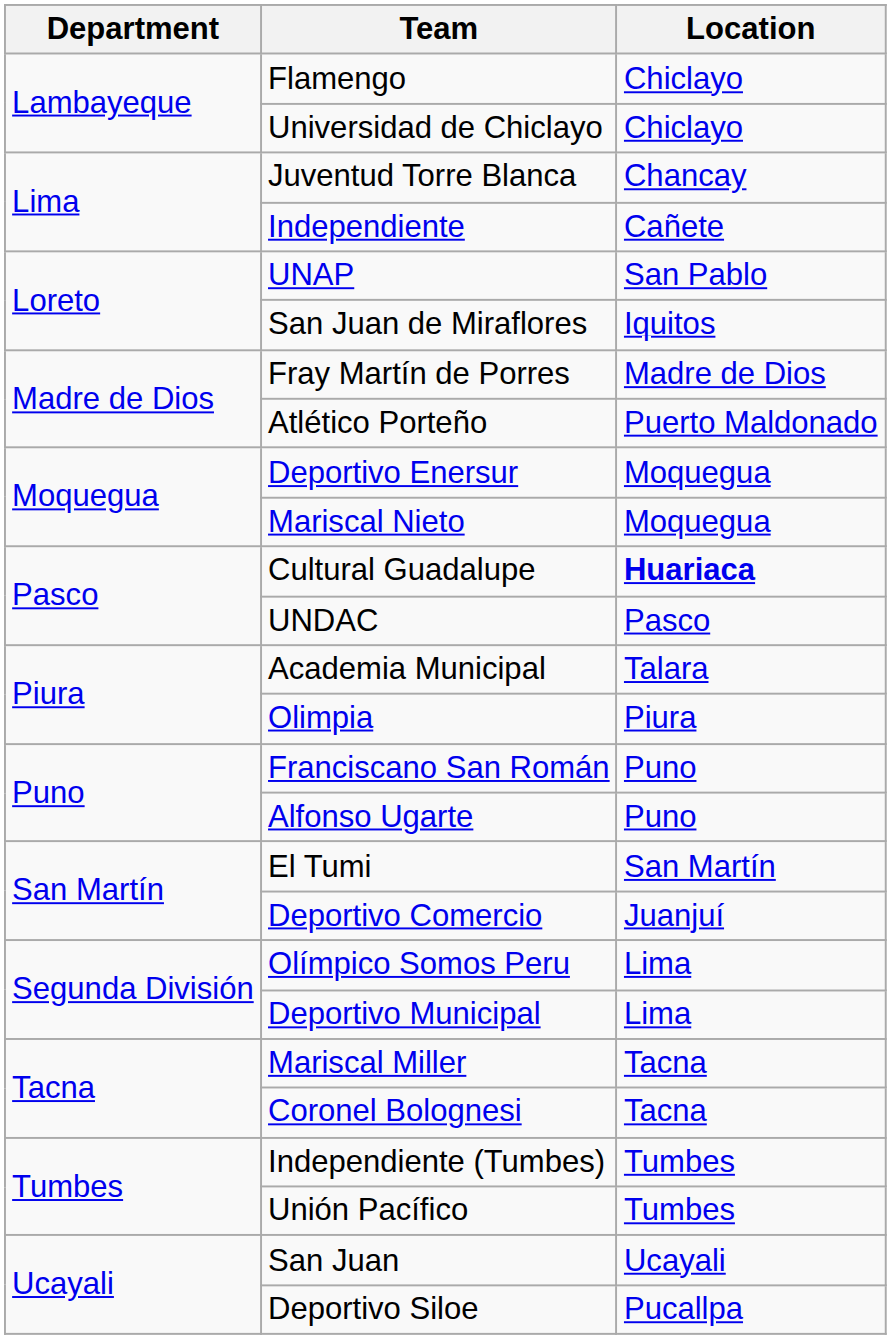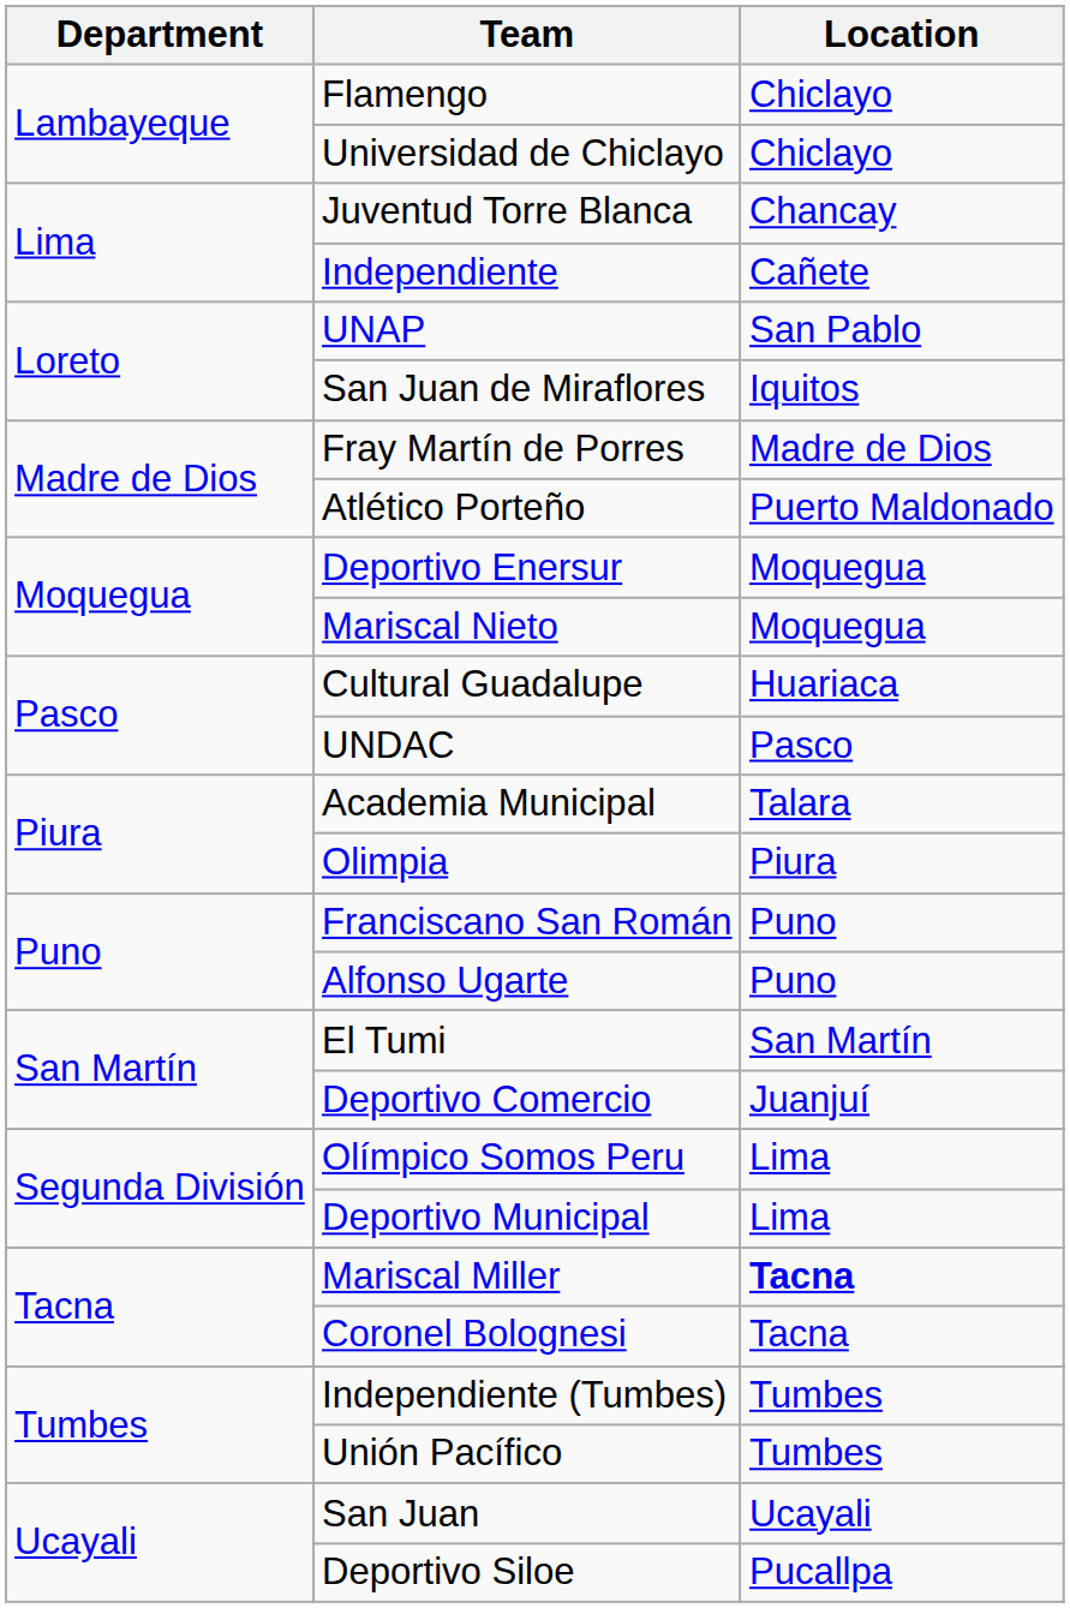 <table class="wikitable">
 <tr>
 <th>Department</th>
 <th>Team</th>
 <th>Location</th>
 </tr>
 <tr>
 <td rowspan="2"><a href='#'>Lambayeque</a></td>
 <td>Flamengo</td>
 <td><a href='#'>Chiclayo</a></td>
 </tr>
 <tr>
 <td>Universidad de Chiclayo</td>
 <td><a href='#'>Chiclayo</a></td>
 </tr>
 <tr>
 <td rowspan="2"><a href='#'>Lima</a></td>
 <td>Juventud Torre Blanca</td>
 <td><a href='#'>Chancay</a></td>
 </tr>
 <tr>
 <td><a href='#'>Independiente</a></td>
 <td><a href='#'>Cañete</a></td>
 </tr>
 <tr>
 <td rowspan="2"><a href='#'>Loreto</a></td>
 <td><a href='#'>UNAP</a></td>
 <td><a href='#'>San Pablo</a></td>
 </tr>
 <tr>
 <td>San Juan de Miraflores</td>
 <td><a href='#'>Iquitos</a></td>
 </tr>
 <tr>
 <td rowspan="2"><a href='#'>Madre de Dios</a></td>
 <td>Fray Martín de Porres</td>
 <td><a href='#'>Madre de Dios</a></td>
 </tr>
 <tr>
 <td>Atlético Porteño</td>
 <td><a href='#'>Puerto Maldonado</a></td>
 </tr>
 <tr>
 <td rowspan="2"><a href='#'>Moquegua</a></td>
 <td><a href='#'>Deportivo Enersur</a></td>
 <td><a href='#'>Moquegua</a></td>
 </tr>
 <tr>
 <td><a href='#'>Mariscal Nieto</a></td>
 <td><a href='#'>Moquegua</a></td>
 </tr>
 <tr>
 <td rowspan="2"><a href='#'>Pasco</a></td>
 <td>Cultural Guadalupe</td>
-<td><strong><a href='#'>Huariaca</a></strong></td>
+<td><a href='#'>Huariaca</a></td>
 </tr>
 <tr>
 <td>UNDAC</td>
 <td><a href='#'>Pasco</a></td>
 </tr>
 <tr>
 <td rowspan="2"><a href='#'>Piura</a></td>
 <td>Academia Municipal</td>
 <td><a href='#'>Talara</a></td>
 </tr>
 <tr>
 <td><a href='#'>Olimpia</a></td>
 <td><a href='#'>Piura</a></td>
 </tr>
 <tr>
 <td rowspan="2"><a href='#'>Puno</a></td>
 <td><a href='#'>Franciscano San Román</a></td>
 <td><a href='#'>Puno</a></td>
 </tr>
 <tr>
 <td><a href='#'>Alfonso Ugarte</a></td>
 <td><a href='#'>Puno</a></td>
 </tr>
 <tr>
 <td rowspan="2"><a href='#'>San Martín</a></td>
 <td>El Tumi</td>
 <td><a href='#'>San Martín</a></td>
 </tr>
 <tr>
 <td><a href='#'>Deportivo Comercio</a></td>
 <td><a href='#'>Juanjuí</a></td>
 </tr>
 <tr>
 <td rowspan="2"><a href='#'>Segunda División</a></td>
 <td><a href='#'>Olímpico Somos Peru</a></td>
 <td><a href='#'>Lima</a></td>
 </tr>
 <tr>
 <td><a href='#'>Deportivo Municipal</a></td>
 <td><a href='#'>Lima</a></td>
 </tr>
 <tr>
 <td rowspan="2"><a href='#'>Tacna</a></td>
 <td><a href='#'>Mariscal Miller</a></td>
-<td><a href='#'>Tacna</a></td>
+<td><strong><a href='#'>Tacna</a></strong></td>
 </tr>
 <tr>
 <td><a href='#'>Coronel Bolognesi</a></td>
 <td><a href='#'>Tacna</a></td>
 </tr>
 <tr>
 <td rowspan="2"><a href='#'>Tumbes</a></td>
 <td>Independiente (Tumbes)</td>
 <td><a href='#'>Tumbes</a></td>
 </tr>
 <tr>
 <td>Unión Pacífico</td>
 <td><a href='#'>Tumbes</a></td>
 </tr>
 <tr>
 <td rowspan="2"><a href='#'>Ucayali</a></td>
 <td>San Juan</td>
 <td><a href='#'>Ucayali</a></td>
 </tr>
 <tr>
 <td>Deportivo Siloe</td>
 <td><a href='#'>Pucallpa</a></td>
 </tr>
 </table>
